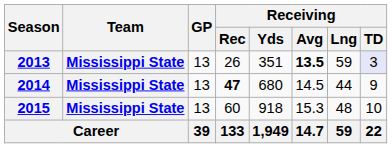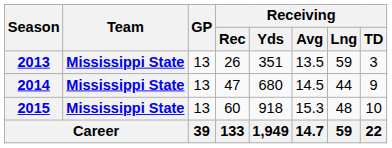 <table class="wikitable" style="text-align:center;">
 <tr>
 <th rowspan="2">Season</th>
 <th rowspan="2">Team</th>
 <th rowspan="2">GP</th>
 <th colspan="5">Receiving</th>
 </tr>
 <tr>
 <th>Rec</th>
 <th>Yds</th>
 <th>Avg</th>
 <th>Lng</th>
 <th>TD</th>
 </tr>
 <tr>
 <th><a href='#'>2013</a></th>
 <th><a href='#'>Mississippi State</a></th>
 <td>13</td>
 <td>26</td>
 <td>351</td>
-<td><strong>13.5</strong></td>
+<td>13.5</td>
 <td>59</td>
-<td style="background: lavender;">3</td>
+<td>3</td>
 </tr>
 <tr>
 <th><a href='#'>2014</a></th>
 <th><a href='#'>Mississippi State</a></th>
 <td>13</td>
-<td><strong>47</strong></td>
+<td>47</td>
 <td>680</td>
 <td>14.5</td>
 <td>44</td>
 <td>9</td>
 </tr>
 <tr>
 <th><a href='#'>2015</a></th>
 <th><a href='#'>Mississippi State</a></th>
 <td>13</td>
 <td>60</td>
 <td>918</td>
 <td>15.3</td>
 <td>48</td>
 <td>10</td>
 </tr>
 <tr>
 <th colspan="2">Career</th>
 <th>39</th>
 <th>133</th>
 <th>1,949</th>
 <th>14.7</th>
 <th>59</th>
 <th>22</th>
 </tr>
 </table>
